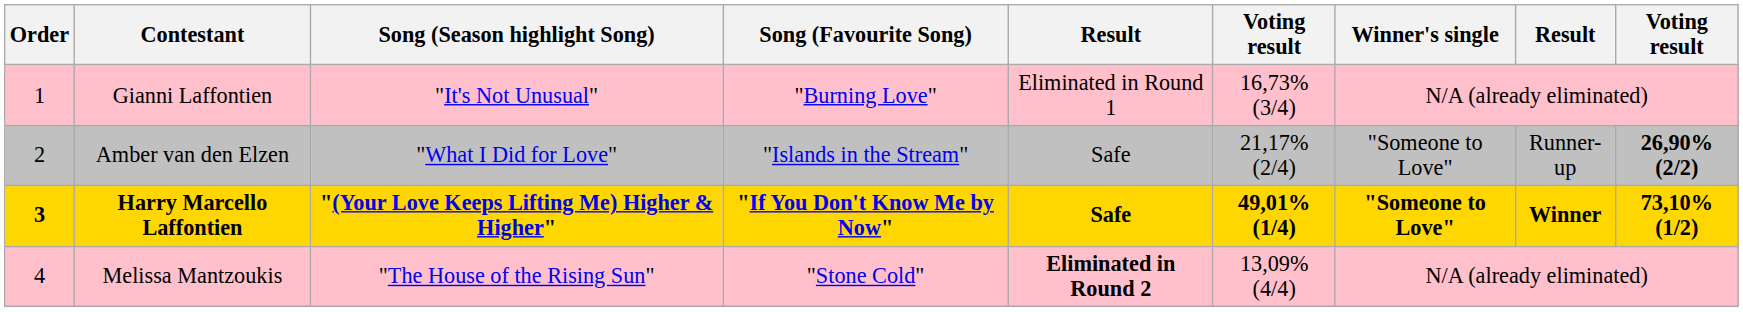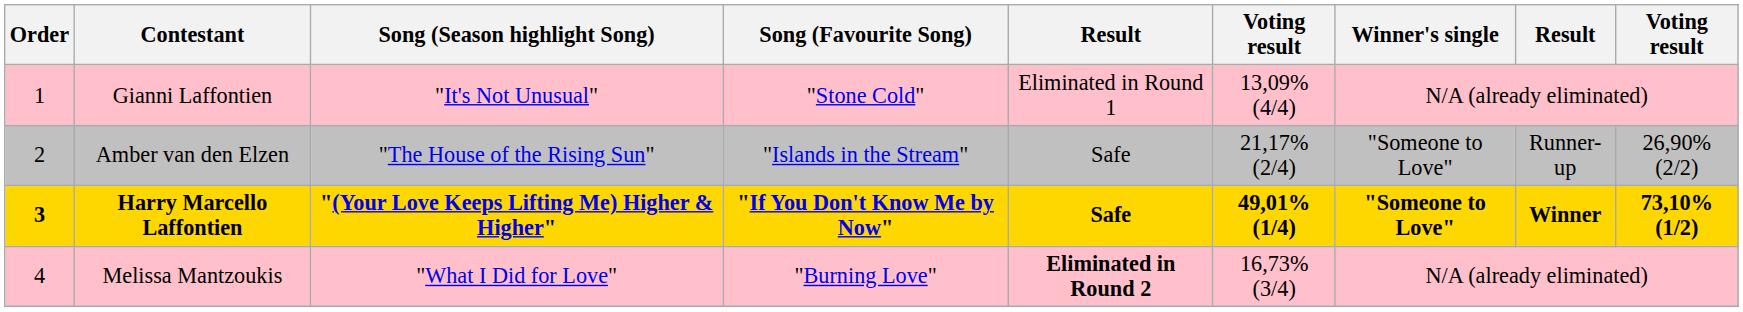 <table class="wikitable" style="text-align:center;">
 <tr>
 <th>Order</th>
 <th>Contestant</th>
 <th>Song (Season highlight Song)</th>
 <th>Song (Favourite Song)</th>
 <th>Result</th>
 <th>Voting result</th>
 <th>Winner's single</th>
 <th>Result</th>
 <th>Voting result</th>
 </tr>
 <tr bgcolor="pink">
 <td>1</td>
 <td>Gianni Laffontien</td>
 <td>"<a href='#'>It's Not Unusual</a>"</td>
-<td>"<a href='#'>Burning Love</a>"</td>
+<td>"<a href='#'>Stone Cold</a>"</td>
 <td>Eliminated in Round 1</td>
-<td>16,73% (3/4)</td>
+<td>13,09% (4/4)</td>
 <td colspan="3">N/A (already eliminated)</td>
 </tr>
 <tr bgcolor="silver">
 <td>2</td>
 <td>Amber van den Elzen</td>
-<td>"<a href='#'>What I Did for Love</a>"</td>
+<td>"<a href='#'>The House of the Rising Sun</a>"</td>
 <td>"<a href='#'>Islands in the Stream</a>"</td>
 <td>Safe</td>
 <td>21,17% (2/4)</td>
 <td>"Someone to Love"</td>
 <td>Runner-up</td>
-<td><strong>26,90% (2/2)</strong></td>
+<td>26,90% (2/2)</td>
 </tr>
 <tr bgcolor="gold">
 <td><strong>3</strong></td>
 <td><strong>Harry Marcello Laffontien</strong></td>
 <td><strong>"<a href='#'>(Your Love Keeps Lifting Me) Higher & Higher</a>"</strong></td>
 <td><strong>"<a href='#'>If You Don't Know Me by Now</a>"</strong></td>
 <td><strong>Safe</strong></td>
 <td><strong>49,01% (1/4)</strong></td>
 <td><strong>"Someone to Love"</strong></td>
 <td><strong>Winner</strong></td>
 <td><strong>73,10% (1/2)</strong></td>
 </tr>
 <tr bgcolor="pink">
 <td>4</td>
 <td>Melissa Mantzoukis</td>
-<td>"<a href='#'>The House of the Rising Sun</a>"</td>
-<td>"<a href='#'>Stone Cold</a>"</td>
+<td>"<a href='#'>What I Did for Love</a>"</td>
+<td>"<a href='#'>Burning Love</a>"</td>
 <td><strong>Eliminated in Round 2</strong></td>
-<td>13,09% (4/4)</td>
+<td>16,73% (3/4)</td>
 <td colspan="3">N/A (already eliminated)</td>
 </tr>
 <tr>
 </tr>
 </table>
